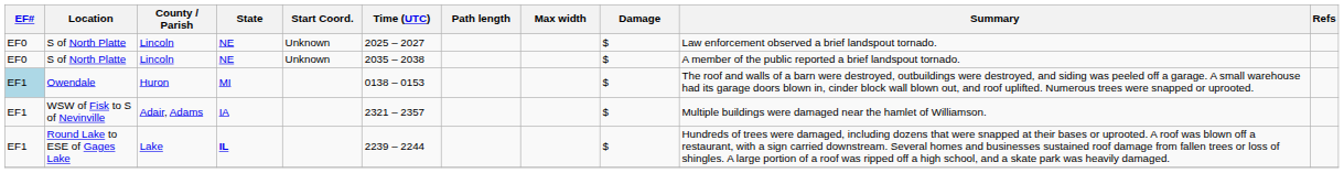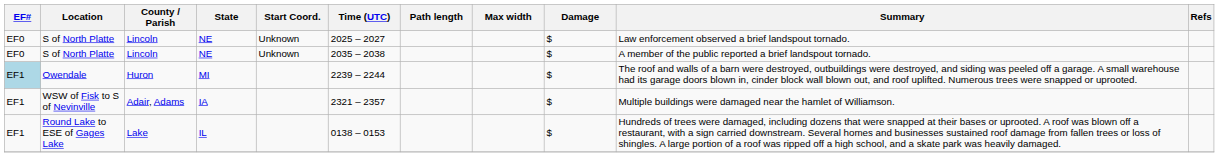 <table class="wikitable sortable" style="width:100%;">
 <tr>
 <th scope="col" width="3%" align="center"><a href='#'>EF#</a></th>
 <th scope="col" width="7%" align="center" class="unsortable">Location</th>
 <th scope="col" width="6%" align="center" class="unsortable">County / Parish</th>
 <th scope="col" width="5%" align="center">State</th>
 <th scope="col" width="6%" align="center">Start Coord.</th>
 <th scope="col" width="6%" align="center">Time (<a href='#'>UTC</a>)</th>
 <th scope="col" width="6%" align="center">Path length</th>
 <th scope="col" width="6%" align="center">Max width</th>
 <th scope="col" width="6%" align="center">Damage</th>
 <th scope="col" width="48%" class="unsortable" align="center">Summary</th>
 <th scope="col" width="48%" class="unsortable" align="center">Refs</th>
 </tr>
 <tr>
 <td>EF0</td>
 <td>S of <a href='#'>North Platte</a></td>
 <td><a href='#'>Lincoln</a></td>
 <td><a href='#'>NE</a></td>
 <td>Unknown</td>
 <td>2025 – 2027</td>
 <td></td>
 <td></td>
 <td>$</td>
 <td>Law enforcement observed a brief landspout tornado.</td>
 <td></td>
 </tr>
 <tr>
 <td>EF0</td>
 <td>S of <a href='#'>North Platte</a></td>
 <td><a href='#'>Lincoln</a></td>
 <td><a href='#'>NE</a></td>
 <td>Unknown</td>
 <td>2035 – 2038</td>
 <td></td>
 <td></td>
 <td>$</td>
 <td>A member of the public reported a brief landspout tornado.</td>
 <td></td>
 </tr>
 <tr>
 <td style="background: lightblue;">EF1</td>
 <td><a href='#'>Owendale</a></td>
 <td><a href='#'>Huron</a></td>
 <td><a href='#'>MI</a></td>
 <td></td>
-<td>0138 – 0153</td>
+<td>2239 – 2244</td>
 <td></td>
 <td></td>
 <td>$</td>
 <td>The roof and walls of a barn were destroyed, outbuildings were destroyed, and siding was peeled off a garage. A small warehouse had its garage doors blown in, cinder block wall blown out, and roof uplifted. Numerous trees were snapped or uprooted.</td>
 <td></td>
 </tr>
 <tr>
 <td>EF1</td>
 <td>WSW of <a href='#'>Fisk</a> to S of <a href='#'>Nevinville</a></td>
 <td><a href='#'>Adair</a>, <a href='#'>Adams</a></td>
 <td><a href='#'>IA</a></td>
 <td></td>
 <td>2321 – 2357</td>
 <td></td>
 <td></td>
 <td>$</td>
 <td>Multiple buildings were damaged near the hamlet of Williamson.</td>
 <td></td>
 </tr>
 <tr>
 <td>EF1</td>
 <td><a href='#'>Round Lake</a> to ESE of <a href='#'>Gages Lake</a></td>
 <td><a href='#'>Lake</a></td>
-<td><strong><a href='#'>IL</a></strong></td>
+<td><a href='#'>IL</a></td>
 <td></td>
-<td>2239 – 2244</td>
+<td>0138 – 0153</td>
 <td></td>
 <td></td>
 <td>$</td>
 <td>Hundreds of trees were damaged, including dozens that were snapped at their bases or uprooted. A roof was blown off a restaurant, with a sign carried  downstream. Several homes and businesses sustained roof damage from fallen trees or loss of shingles. A large portion of a roof was ripped off a high school, and a skate park was heavily damaged.</td>
 <td></td>
 </tr>
 <tr>
 </tr>
 </table>
